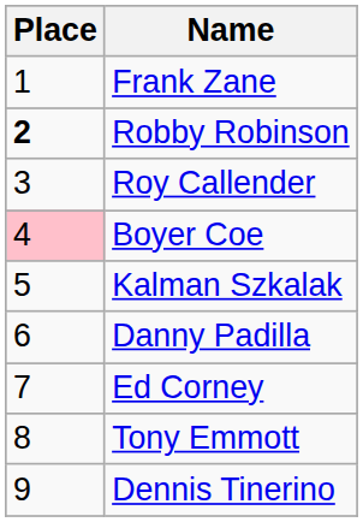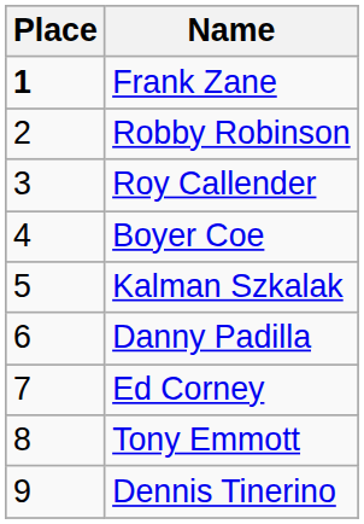 <table class="wikitable">
 <tr>
 <th>Place</th>
 <th>Name</th>
 </tr>
 <tr>
-<td>1</td>
+<td><strong>1</strong></td>
 <td> <a href='#'>Frank Zane</a></td>
 </tr>
 <tr>
-<td><strong>2</strong></td>
+<td>2</td>
 <td> <a href='#'>Robby Robinson</a></td>
 </tr>
 <tr>
 <td>3</td>
 <td> <a href='#'>Roy Callender</a></td>
 </tr>
 <tr>
-<td style="background: pink;">4</td>
+<td>4</td>
 <td> <a href='#'>Boyer Coe</a></td>
 </tr>
 <tr>
 <td>5</td>
 <td> <a href='#'>Kalman Szkalak</a></td>
 </tr>
 <tr>
 <td>6</td>
 <td> <a href='#'>Danny Padilla</a></td>
 </tr>
 <tr>
 <td>7</td>
 <td> <a href='#'>Ed Corney</a></td>
 </tr>
 <tr>
 <td>8</td>
 <td> <a href='#'>Tony Emmott</a></td>
 </tr>
 <tr>
 <td>9</td>
 <td> <a href='#'>Dennis Tinerino</a></td>
 </tr>
 </table>
